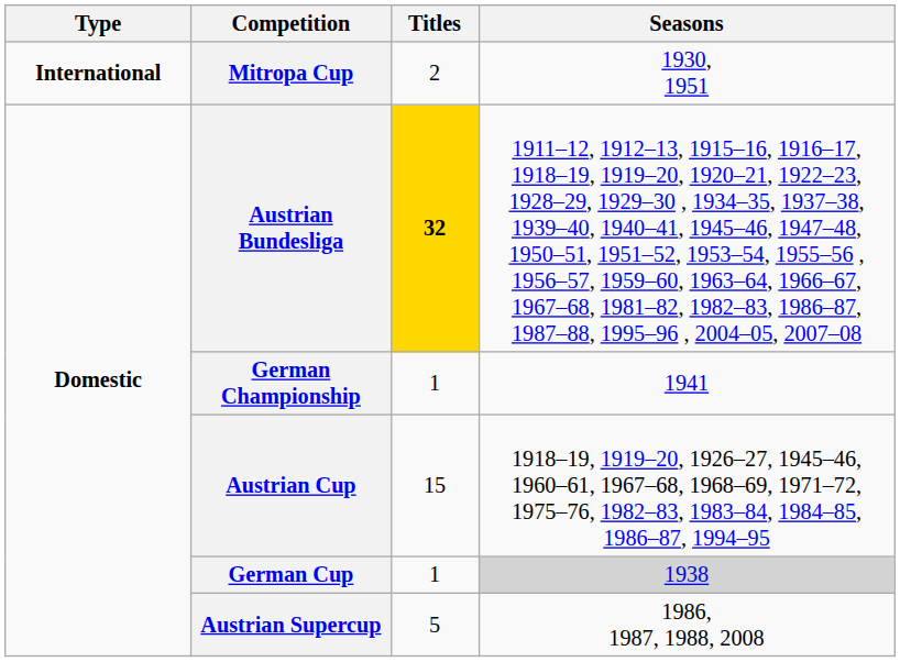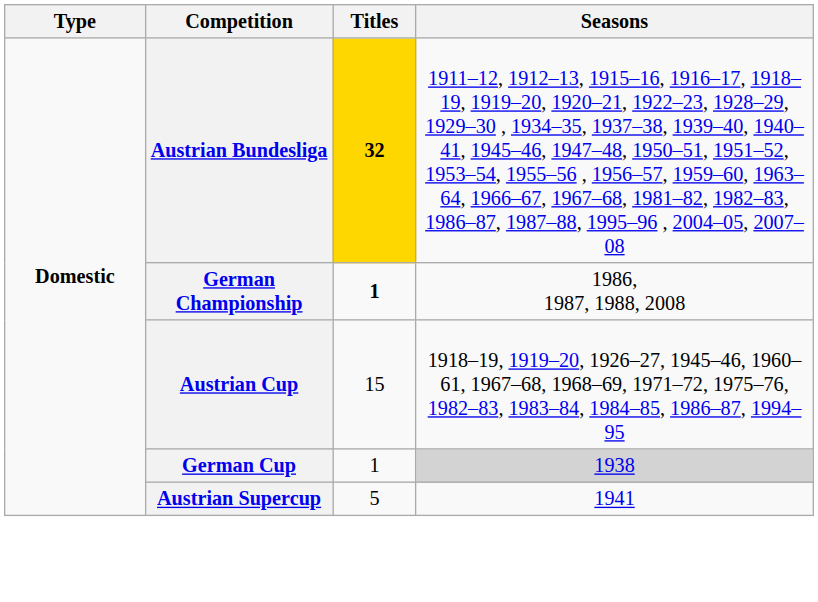 <table class="wikitable plainrowheaders" style="font-size:95%; text-align:center;">
 <tr>
 <th style="width: 10%;">Type</th>
 <th style="width: 10%;">Competition</th>
 <th style="width: 5%;">Titles</th>
 <th style="width: 30%;">Seasons</th>
-</tr>
-<tr>
-<td><strong>International</strong></td>
-<th><a href='#'>Mitropa Cup</a></th>
-<td>2</td>
-<td><a href='#'>1930</a>,<br><a href='#'>1951</a></td>
 </tr>
 <tr>
 <td rowspan="5"><strong>Domestic</strong></td>
 <th scope="col"><a href='#'>Austrian Bundesliga</a></th>
 <td scope="col" style="background-color: gold"><strong>32</strong></td>
 <td><br><a href='#'>1911–12</a>,  <a href='#'>1912–13</a>,  <a href='#'>1915–16</a>,  <a href='#'>1916–17</a>,  <a href='#'>1918–19</a>,  <a href='#'>1919–20</a>,  <a href='#'>1920–21</a>,  <a href='#'>1922–23</a>,  <a href='#'>1928–29</a>,  <a href='#'>1929–30</a> ,  <a href='#'>1934–35</a>,  <a href='#'>1937–38</a>,  <a href='#'>1939–40</a>, <a href='#'>1940–41</a>, <a href='#'>1945–46</a>,  <a href='#'>1947–48</a>,  <a href='#'>1950–51</a>,  <a href='#'>1951–52</a>, <a href='#'>1953–54</a>, <a href='#'>1955–56</a> , <a href='#'>1956–57</a>, <a href='#'>1959–60</a>, <a href='#'>1963–64</a>, <a href='#'>1966–67</a>, <a href='#'>1967–68</a>, <a href='#'>1981–82</a>,  <a href='#'>1982–83</a>,  <a href='#'>1986–87</a>,  <a href='#'>1987–88</a>,  <a href='#'>1995–96</a> ,  <a href='#'>2004–05</a>,  <a href='#'>2007–08</a></td>
 </tr>
 <tr>
 <th><a href='#'>German Championship</a></th>
-<td>1</td>
-<td><a href='#'>1941</a></td>
+<td><strong>1</strong></td>
+<td>1986,<br>1987,  1988,  2008</td>
 </tr>
 <tr>
 <th scope=col><a href='#'>Austrian Cup</a></th>
 <td>15</td>
 <td><br>1918–19,  <a href='#'>1919–20</a>, 1926–27,  1945–46,  1960–61,  1967–68,  1968–69,  1971–72,  1975–76,  <a href='#'>1982–83</a>, <a href='#'>1983–84</a>, <a href='#'>1984–85</a>, <a href='#'>1986–87</a>, <a href='#'>1994–95</a></td>
 </tr>
 <tr>
 <th scope=col><a href='#'>German Cup</a></th>
 <td>1</td>
 <td style="background: lightgrey;"><a href='#'>1938</a></td>
 </tr>
 <tr>
 <th scope=col><a href='#'>Austrian Supercup</a></th>
 <td>5</td>
-<td>1986,<br>1987,  1988,  2008</td>
+<td><a href='#'>1941</a></td>
 </tr>
 </table>
